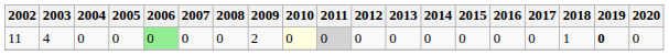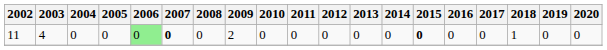 <table class="wikitable">
 <tr style="background:#cccccc;" align=center>
 <th>2002</th>
 <th>2003</th>
 <th>2004</th>
 <th>2005</th>
 <th>2006</th>
 <th>2007</th>
 <th>2008</th>
 <th>2009</th>
 <th>2010</th>
 <th>2011</th>
 <th>2012</th>
 <th>2013</th>
 <th>2014</th>
 <th>2015</th>
 <th>2016</th>
 <th>2017</th>
 <th>2018</th>
 <th>2019</th>
 <th>2020</th>
 </tr>
 <tr>
 <td>11</td>
 <td>4</td>
 <td>0</td>
 <td>0</td>
 <td style="background: lightgreen;">0</td>
-<td>0</td>
+<td><strong>0</strong></td>
 <td>0</td>
 <td>2</td>
-<td style="background: lightyellow;">0</td>
-<td style="background: lightgrey;">0</td>
 <td>0</td>
 <td>0</td>
 <td>0</td>
 <td>0</td>
 <td>0</td>
+<td><strong>0</strong></td>
+<td>0</td>
 <td>0</td>
 <td>1</td>
-<td><strong>0</strong></td>
+<td>0</td>
 <td>0</td>
 </tr>
 <tr valign="top">
 </tr>
 <tr>
 </tr>
 </table>
